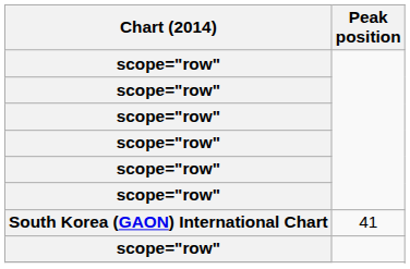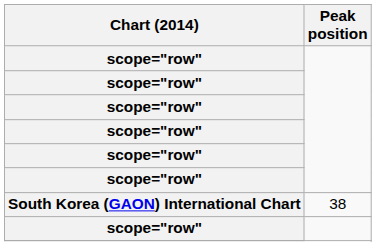 <table class="wikitable sortable plainrowheaders">
 <tr>
 <th>Chart (2014)</th>
 <th>Peak<br>position</th>
 </tr>
 <tr>
 <th>scope="row" </th>
 </tr>
 <tr>
 <th>scope="row" </th>
 </tr>
 <tr>
 <th>scope="row" </th>
 </tr>
 <tr>
 <th>scope="row" </th>
 </tr>
 <tr>
 <th>scope="row" </th>
 </tr>
 <tr>
 <th>scope="row" </th>
 </tr>
 <tr>
 <th scope="row">South Korea (<a href='#'>GAON</a>) International Chart</th>
-<td style="text-align:center;">41</td>
+<td style="text-align:center;">38</td>
 </tr>
 <tr>
 <th>scope="row" </th>
 </tr>
 <tr>
 </tr>
 </table>
